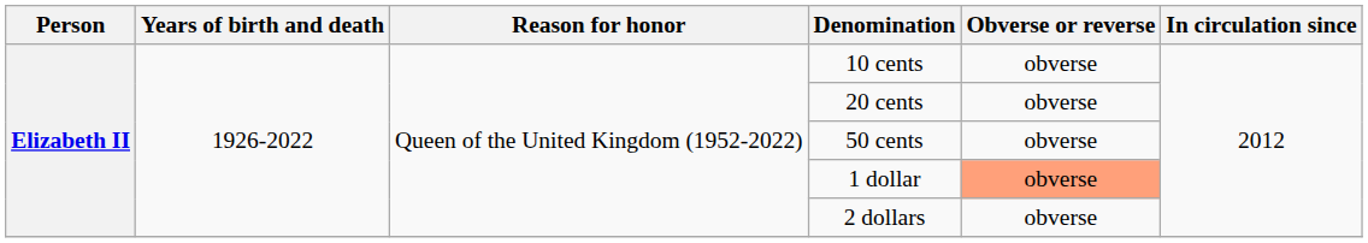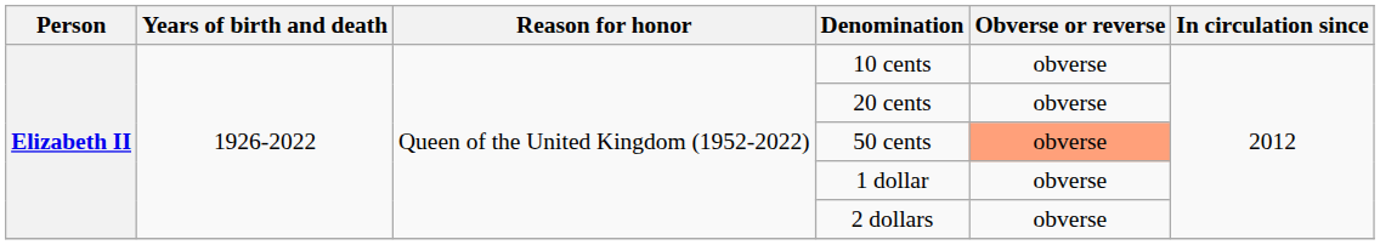 <table class="wikitable" style="font-size:95%; text-align:center;">
 <tr>
 <th>Person</th>
 <th>Years of birth and death</th>
 <th>Reason for honor</th>
 <th>Denomination</th>
 <th>Obverse or reverse</th>
 <th>In circulation since</th>
 </tr>
 <tr>
 <th rowspan="5"><a href='#'>Elizabeth II</a></th>
 <td rowspan="5">1926-2022</td>
 <td rowspan="5">Queen of the United Kingdom (1952-2022)</td>
 <td>10 cents</td>
 <td>obverse</td>
 <td rowspan="5">2012</td>
 </tr>
 <tr>
 <td>20 cents</td>
 <td>obverse</td>
 </tr>
 <tr>
 <td>50 cents</td>
-<td>obverse</td>
+<td style="background: lightsalmon;">obverse</td>
 </tr>
 <tr>
 <td>1 dollar</td>
-<td style="background: lightsalmon;">obverse</td>
+<td>obverse</td>
 </tr>
 <tr>
 <td>2 dollars</td>
 <td>obverse</td>
 </tr>
 <tr>
 </tr>
 </table>
